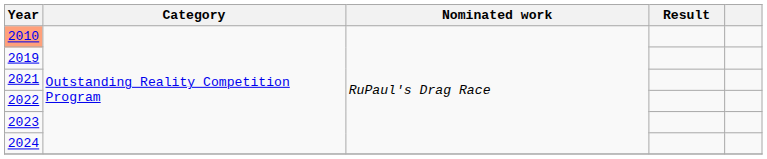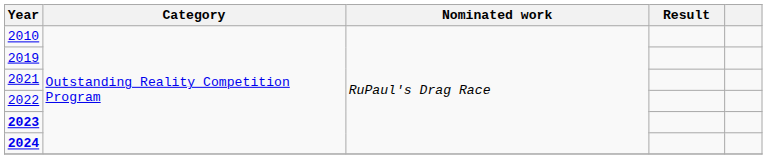 <table class="wikitable" style="width:85%;">
 <tr>
 <th width=5%>Year</th>
 <th style="width:40%;">Category</th>
 <th style="width:40%;">Nominated work</th>
 <th style="width:10%;">Result</th>
 <th width=5%></th>
 </tr>
 <tr>
-<td style="background: lightsalmon; text-align: center;"><a href='#'>2010</a></td>
+<td style="text-align: center;"><a href='#'>2010</a></td>
 <td rowspan="6"><a href='#'>Outstanding Reality Competition Program</a></td>
 <td rowspan="6"><em>RuPaul's Drag Race</em></td>
 <td></td>
 <td align="center"></td>
 </tr>
 <tr>
 <td style="text-align: center;"><a href='#'>2019</a></td>
 <td></td>
 <td align="center"></td>
 </tr>
 <tr>
 <td style="text-align: center;"><a href='#'>2021</a></td>
 <td></td>
 <td align="center"></td>
 </tr>
 <tr>
 <td style="text-align: center;"><a href='#'>2022</a></td>
 <td></td>
 <td align="center"></td>
 </tr>
 <tr>
-<td align="center"><a href='#'>2023</a></td>
+<td align="center"><strong><a href='#'>2023</a></strong></td>
 <td></td>
 <td style="text-align:center;"></td>
 </tr>
 <tr>
-<td align="center"><a href='#'>2024</a></td>
+<td align="center"><strong><a href='#'>2024</a></strong></td>
 <td></td>
 <td align="center"></td>
 </tr>
 <tr>
 </tr>
 </table>
